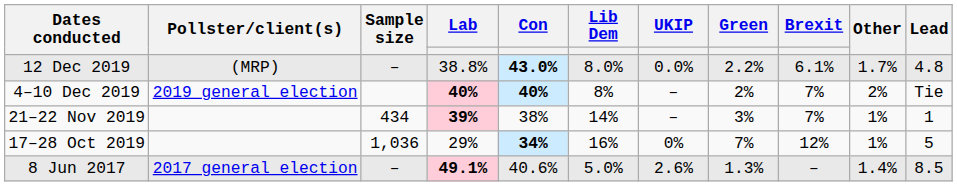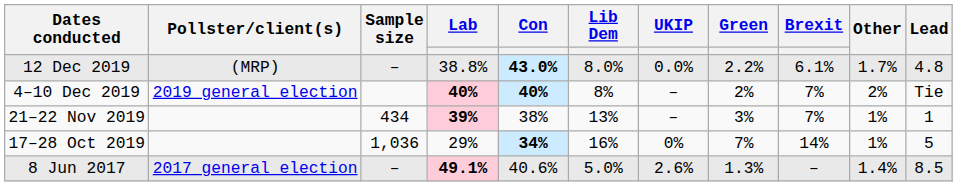 <table class="wikitable sortable mw-datatable" style="text-align:center;line-height:14px;">
 <tr>
 <th rowspan="2">Dates<br>conducted</th>
 <th rowspan="2">Pollster/client(s)</th>
 <th data-sort-type="number" rowspan="2">Sample<br>size</th>
 <th class="unsortable" style="width:50px;"><a href='#'>Lab</a></th>
 <th class="unsortable" style="width:50px;"><a href='#'>Con</a></th>
 <th class="unsortable" style="width:50px;"><a href='#'>Lib Dem</a></th>
 <th class="unsortable" style="width:50px;"><a href='#'>UKIP</a></th>
 <th class="unsortable" style="width:50px;"><a href='#'>Green</a></th>
 <th class="unsortable" style="width:50px;"><a href='#'>Brexit</a></th>
 <th class="unsortable" rowspan="2">Other</th>
 <th data-sort-type="number" rowspan="2">Lead</th>
 </tr>
 <tr>
 <th data-sort-type="number" style="background:"></th>
 <th data-sort-type="number" style="background:"></th>
 <th data-sort-type="number" style="background:"></th>
 <th data-sort-type="number" style="background:"></th>
 <th data-sort-type="number" style="background:"></th>
 <th data-sort-type="number" style="background:"></th>
 </tr>
 <tr style="background:#E9E9E9;">
 <td data-sort-value="2017-06-08">12 Dec 2019</td>
 <td> (MRP)</td>
 <td>–</td>
 <td>38.8%</td>
 <td style="background:#CCEBFF;"><strong>43.0%</strong></td>
 <td>8.0%</td>
 <td>0.0%</td>
 <td>2.2%</td>
 <td>6.1%</td>
 <td>1.7%</td>
 <td style="background:">4.8</td>
 </tr>
 <tr>
 <td data-sort-value="2019-12-10">4–10 Dec 2019</td>
 <td><a href='#'>2019 general election</a></td>
 <td></td>
 <td style="background:#FFCCD9;"><strong>40%</strong></td>
 <td style="background:#CCEBFF;"><strong>40%</strong></td>
 <td>8%</td>
 <td>–</td>
 <td>2%</td>
 <td>7%</td>
 <td>2%</td>
 <td>Tie</td>
 </tr>
 <tr>
 <td data-sort-value="2019-11-22">21–22 Nov 2019</td>
 <td></td>
 <td>434</td>
 <td style="background:#FFCCD9;"><strong>39%</strong></td>
 <td>38%</td>
-<td>14%</td>
+<td>13%</td>
 <td>–</td>
 <td>3%</td>
 <td>7%</td>
 <td>1%</td>
 <td style="background:">1</td>
 </tr>
 <tr>
 <td data-sort-value="2019-10-28">17–28 Oct 2019</td>
 <td></td>
 <td>1,036</td>
 <td>29%</td>
 <td style="background:#CCEBFF;"><strong>34%</strong></td>
 <td>16%</td>
 <td>0%</td>
 <td>7%</td>
-<td>12%</td>
+<td>14%</td>
 <td>1%</td>
 <td style="background:">5</td>
 </tr>
 <tr style="background:#E9E9E9;">
 <td data-sort-value="2017-06-08">8 Jun 2017</td>
 <td><a href='#'>2017 general election</a></td>
 <td>–</td>
 <td style="background:#FFCCD9;"><strong>49.1%</strong></td>
 <td>40.6%</td>
 <td>5.0%</td>
 <td>2.6%</td>
 <td>1.3%</td>
 <td>–</td>
 <td>1.4%</td>
 <td style="background:">8.5</td>
 </tr>
 </table>
